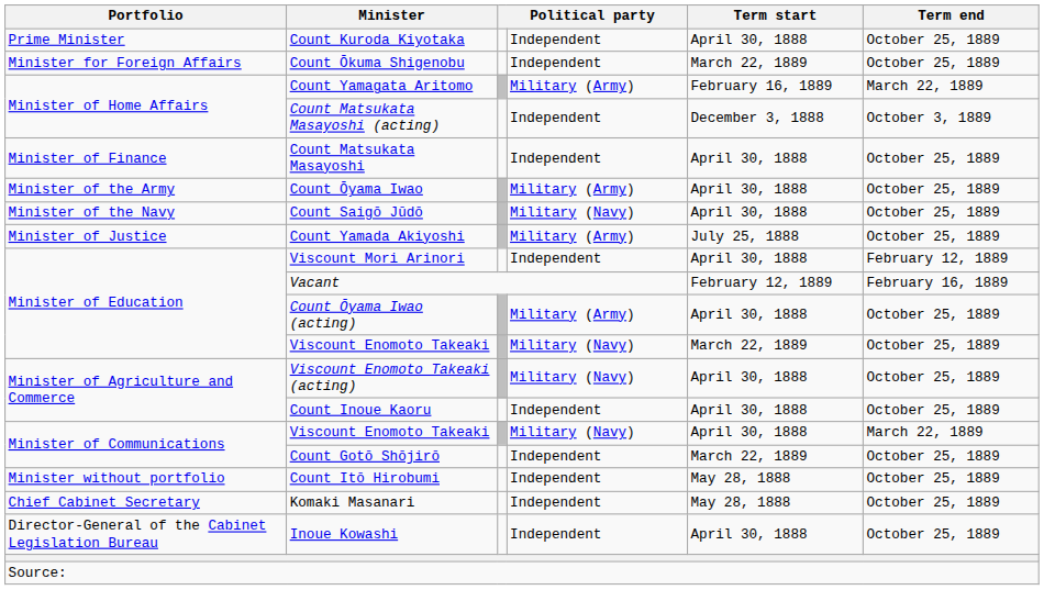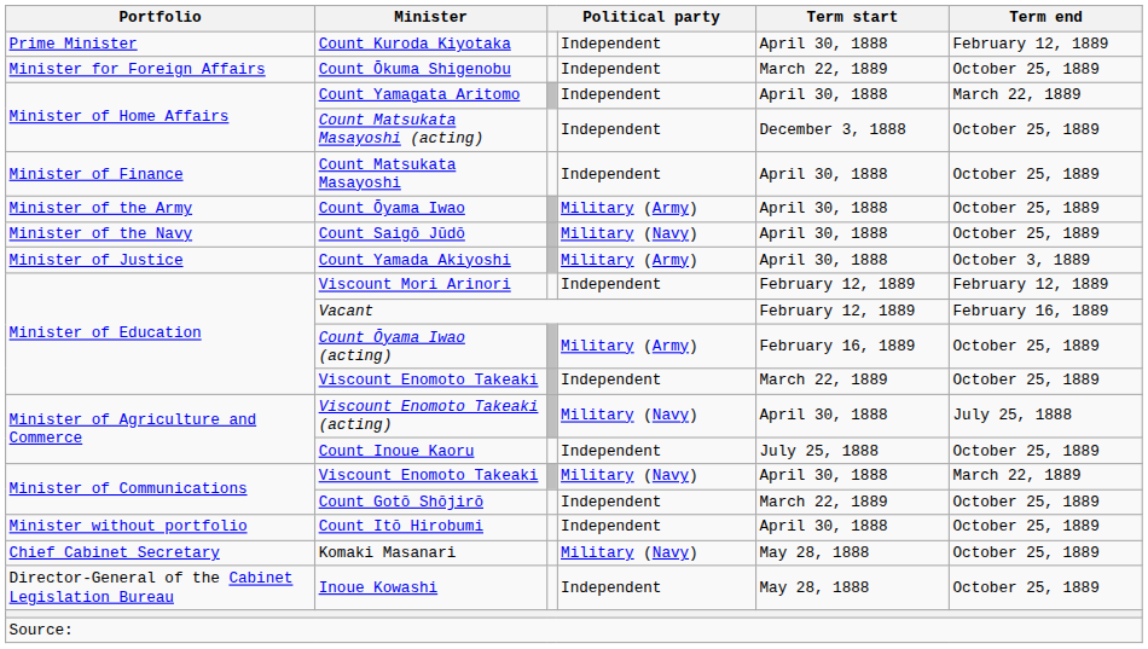 <table class="wikitable unsortable" style="font-size: 90%;">
 <tr>
 <th scope="col" width="20%">Portfolio</th>
 <th scope="col" width="15%">Minister</th>
 <th colspan="2" scope="col" width="13.5%">Political party</th>
 <th scope="col" width="12.5%">Term start</th>
 <th scope="col" width="12.5%">Term end</th>
 </tr>
 <tr>
 <td style="text-align: left;"><a href='#'>Prime Minister</a></td>
 <td><a href='#'>Count Kuroda Kiyotaka</a></td>
 <td style="color:inherit;background:"></td>
 <td>Independent</td>
 <td>April 30, 1888</td>
-<td>October 25, 1889</td>
+<td>February 12, 1889</td>
 </tr>
 <tr>
 <td><a href='#'>Minister for Foreign Affairs</a></td>
 <td><a href='#'>Count Ōkuma Shigenobu</a></td>
 <td style="color:inherit;background:"></td>
 <td>Independent</td>
 <td>March 22, 1889</td>
 <td>October 25, 1889</td>
 </tr>
 <tr>
 <td rowspan="2"><a href='#'>Minister of Home Affairs</a></td>
 <td><a href='#'>Count Yamagata Aritomo</a></td>
 <td style="color:inherit;background:#bfbfbf"></td>
-<td><a href='#'>Military</a> (<a href='#'>Army</a>)</td>
-<td>February 16, 1889</td>
+<td>Independent</td>
+<td>April 30, 1888</td>
 <td>March 22, 1889</td>
 </tr>
 <tr>
 <td><em><a href='#'>Count Matsukata Masayoshi</a> (acting)</em></td>
 <td style="color:inherit;background:"></td>
 <td>Independent</td>
 <td>December 3, 1888</td>
-<td>October 3, 1889</td>
+<td>October 25, 1889</td>
 </tr>
 <tr>
 <td><a href='#'>Minister of Finance</a></td>
 <td><a href='#'>Count Matsukata Masayoshi</a></td>
 <td style="color:inherit;background:"></td>
 <td>Independent</td>
 <td>April 30, 1888</td>
 <td>October 25, 1889</td>
 </tr>
 <tr>
 <td><a href='#'>Minister of the Army</a></td>
 <td><a href='#'>Count Ōyama Iwao</a></td>
 <td style="color:inherit;background:#bfbfbf"></td>
 <td><a href='#'>Military</a> (<a href='#'>Army</a>)</td>
 <td>April 30, 1888</td>
 <td>October 25, 1889</td>
 </tr>
 <tr>
 <td><a href='#'>Minister of the Navy</a></td>
 <td><a href='#'>Count Saigō Jūdō</a></td>
 <td style="color:inherit;background:#bfbfbf"></td>
 <td><a href='#'>Military</a> (<a href='#'>Navy</a>)</td>
 <td>April 30, 1888</td>
 <td>October 25, 1889</td>
 </tr>
 <tr>
 <td><a href='#'>Minister of Justice</a></td>
 <td><a href='#'>Count Yamada Akiyoshi</a></td>
 <td style="color:inherit;background:#bfbfbf"></td>
 <td><a href='#'>Military</a> (<a href='#'>Army</a>)</td>
-<td>July 25, 1888</td>
-<td>October 25, 1889</td>
+<td>April 30, 1888</td>
+<td>October 3, 1889</td>
 </tr>
 <tr>
 <td rowspan="4"><a href='#'>Minister of Education</a></td>
 <td><a href='#'>Viscount Mori Arinori</a></td>
 <td style="color:inherit;background:"></td>
 <td>Independent</td>
-<td>April 30, 1888</td>
+<td>February 12, 1889</td>
 <td>February 12, 1889</td>
 </tr>
 <tr>
 <td colspan="3"><em>Vacant</em></td>
 <td>February 12, 1889</td>
 <td>February 16, 1889</td>
 </tr>
 <tr>
 <td><em><a href='#'>Count Ōyama Iwao</a> (acting)</em></td>
 <td style="color:inherit;background:#bfbfbf"></td>
 <td><a href='#'>Military</a> (<a href='#'>Army</a>)</td>
-<td>April 30, 1888</td>
+<td>February 16, 1889</td>
 <td>October 25, 1889</td>
 </tr>
 <tr>
 <td><a href='#'>Viscount Enomoto Takeaki</a></td>
 <td style="color:inherit;background:#bfbfbf"></td>
-<td><a href='#'>Military</a> (<a href='#'>Navy</a>)</td>
+<td>Independent</td>
 <td>March 22, 1889</td>
 <td>October 25, 1889</td>
 </tr>
 <tr>
 <td rowspan="2"><a href='#'>Minister of Agriculture and Commerce</a></td>
 <td><em><a href='#'>Viscount Enomoto Takeaki</a> (acting)</em></td>
 <td style="color:inherit;background:#bfbfbf"></td>
 <td><a href='#'>Military</a> (<a href='#'>Navy</a>)</td>
 <td>April 30, 1888</td>
-<td>October 25, 1889</td>
+<td>July 25, 1888</td>
 </tr>
 <tr>
 <td><a href='#'>Count Inoue Kaoru</a></td>
 <td style="color:inherit;background:"></td>
 <td>Independent</td>
-<td>April 30, 1888</td>
+<td>July 25, 1888</td>
 <td>October 25, 1889</td>
 </tr>
 <tr>
 <td rowspan="2"><a href='#'>Minister of Communications</a></td>
 <td><a href='#'>Viscount Enomoto Takeaki</a></td>
 <td style="color:inherit;background:#bfbfbf"></td>
 <td><a href='#'>Military</a> (<a href='#'>Navy</a>)</td>
 <td>April 30, 1888</td>
 <td>March 22, 1889</td>
 </tr>
 <tr>
 <td><a href='#'>Count Gotō Shōjirō</a></td>
 <td style="color:inherit;background:"></td>
 <td>Independent</td>
 <td>March 22, 1889</td>
 <td>October 25, 1889</td>
 </tr>
 <tr>
 <td><a href='#'>Minister without portfolio</a></td>
 <td><a href='#'>Count Itō Hirobumi</a></td>
 <td style="color:inherit;background:"></td>
 <td>Independent</td>
-<td>May 28, 1888</td>
+<td>April 30, 1888</td>
 <td>October 25, 1889</td>
 </tr>
 <tr>
 <td><a href='#'>Chief Cabinet Secretary</a></td>
 <td>Komaki Masanari</td>
 <td style="color:inherit;background:"></td>
-<td>Independent</td>
+<td><a href='#'>Military</a> (<a href='#'>Navy</a>)</td>
 <td>May 28, 1888</td>
 <td>October 25, 1889</td>
 </tr>
 <tr>
 <td>Director-General of the <a href='#'>Cabinet Legislation Bureau</a></td>
 <td><a href='#'>Inoue Kowashi</a></td>
 <td style="color:inherit;background:"></td>
 <td>Independent</td>
-<td>April 30, 1888</td>
+<td>May 28, 1888</td>
 <td>October 25, 1889</td>
 </tr>
 <tr>
 <th colspan="6"></th>
 </tr>
 <tr>
 <td colspan="6">Source: </td>
 </tr>
 </table>
